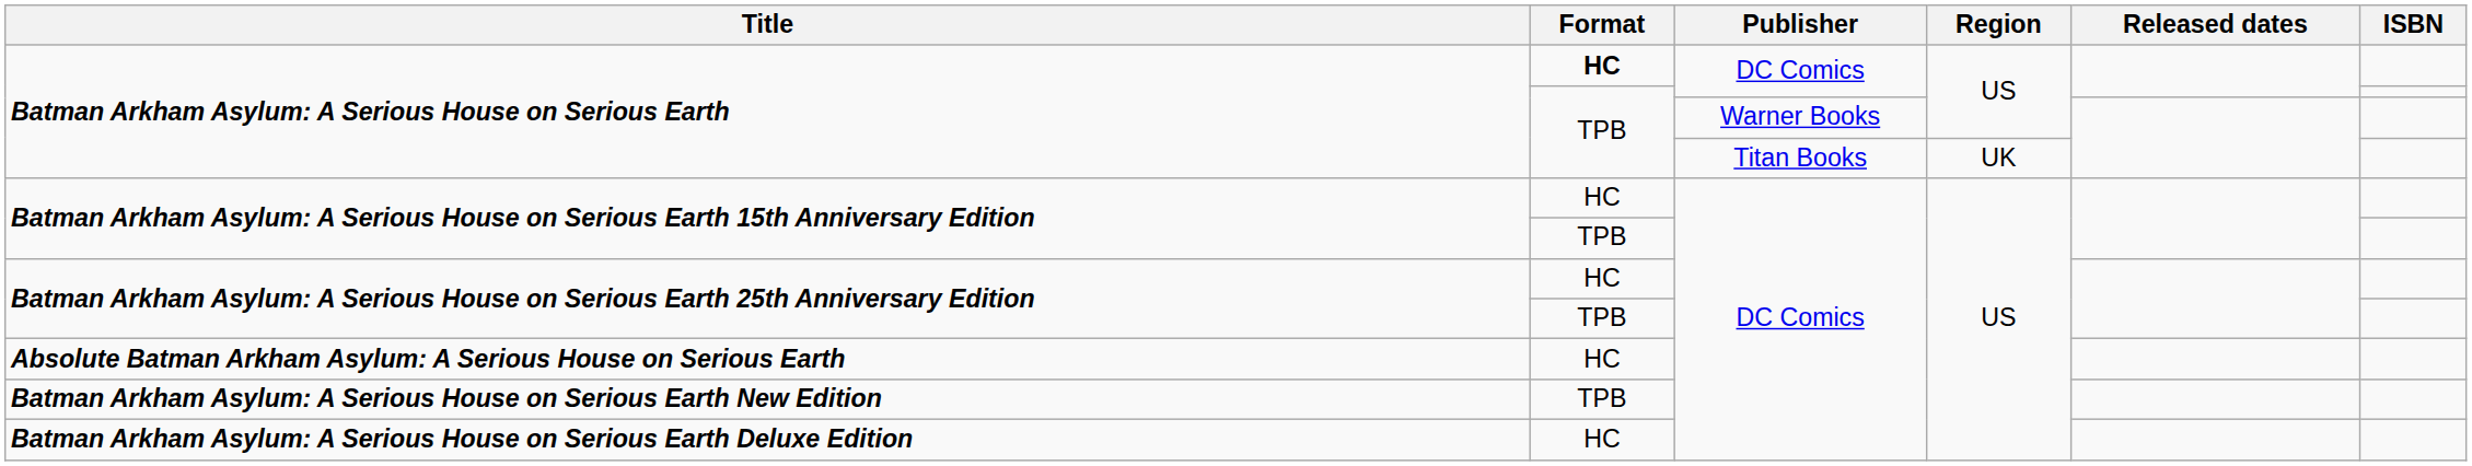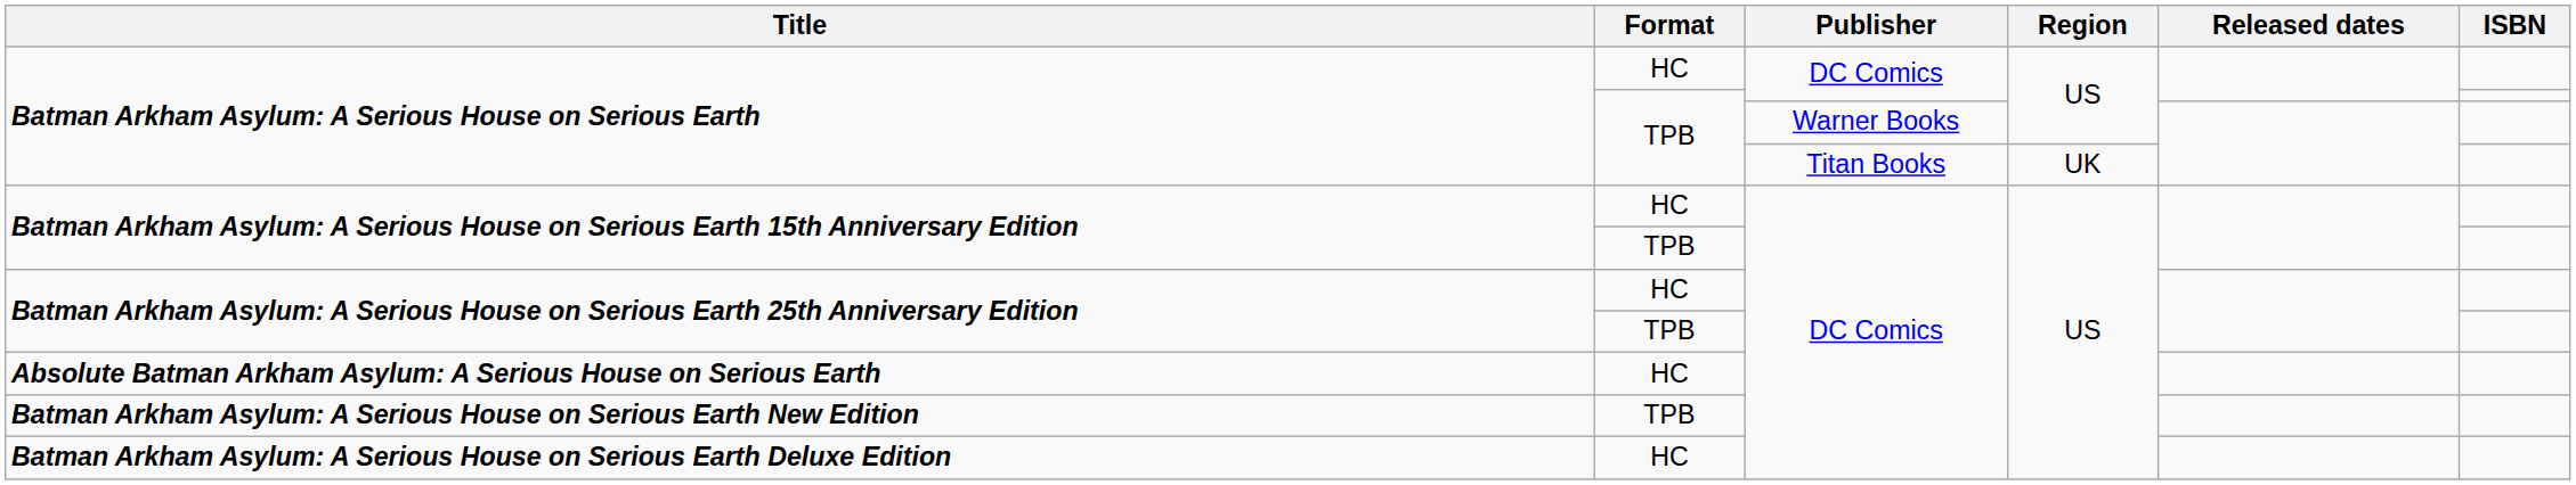 <table class="wikitable sortable" width=98%>
 <tr align="center">
 <th>Title</th>
 <th>Format</th>
 <th>Publisher</th>
 <th>Region</th>
 <th>Released dates</th>
 <th>ISBN</th>
 </tr>
 <tr align="center">
 <td rowspan=4 style="text-align: left"><strong><em>Batman Arkham Asylum: A Serious House on Serious Earth</em></strong></td>
-<td><strong>HC</strong></td>
+<td>HC</td>
 <td rowspan=2><a href='#'>DC Comics</a></td>
 <td rowspan=3>US</td>
 <td rowspan=2></td>
 <td></td>
 </tr>
 <tr align="center">
 <td rowspan=3>TPB</td>
 <td></td>
 </tr>
 <tr align="center">
 <td><a href='#'>Warner Books</a></td>
 <td rowspan=2></td>
 <td></td>
 </tr>
 <tr align="center">
 <td><a href='#'>Titan Books</a></td>
 <td>UK</td>
 <td></td>
 </tr>
 <tr align="center">
 <td rowspan=2 style="text-align: left"><strong><em>Batman Arkham Asylum: A Serious House on Serious Earth 15th Anniversary Edition</em></strong></td>
 <td>HC</td>
 <td rowspan=7><a href='#'>DC Comics</a></td>
 <td rowspan=7>US</td>
 <td rowspan=2></td>
 <td></td>
 </tr>
 <tr align="center">
 <td>TPB</td>
 <td></td>
 </tr>
 <tr align="center">
 <td rowspan=2 style="text-align: left"><strong><em>Batman Arkham Asylum: A Serious House on Serious Earth 25th Anniversary Edition</em></strong></td>
 <td>HC</td>
 <td rowspan=2></td>
 <td></td>
 </tr>
 <tr align="center">
 <td>TPB</td>
 <td></td>
 </tr>
 <tr align="center">
 <td style="text-align: left"><strong><em>Absolute Batman Arkham Asylum: A Serious House on Serious Earth</em></strong></td>
 <td>HC</td>
 <td></td>
 <td></td>
 </tr>
 <tr align="center">
 <td style="text-align: left"><strong><em>Batman Arkham Asylum: A Serious House on Serious Earth New Edition</em></strong></td>
 <td>TPB</td>
 <td></td>
 <td></td>
 </tr>
 <tr align="center">
 <td style="text-align: left"><strong><em>Batman Arkham Asylum: A Serious House on Serious Earth Deluxe Edition</em></strong></td>
 <td>HC</td>
 <td></td>
 <td></td>
 </tr>
 </table>
